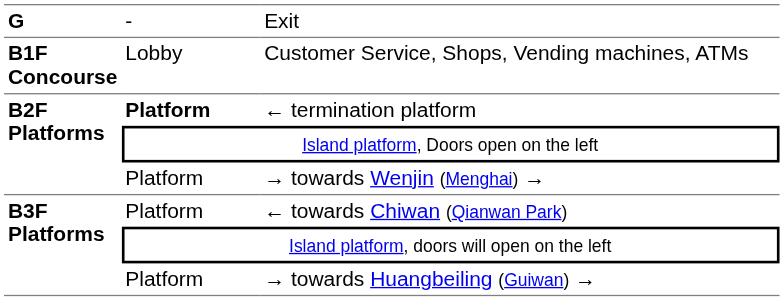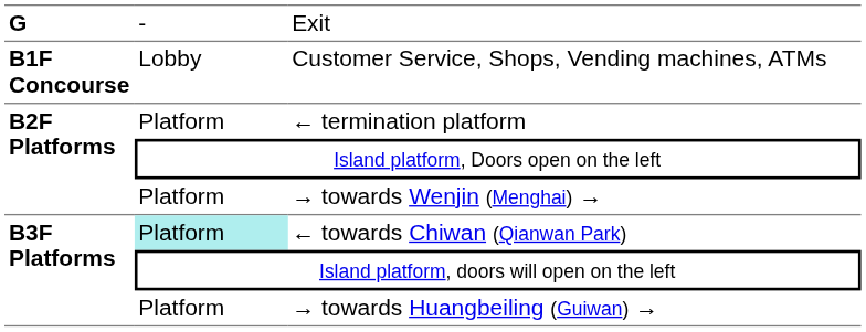 <table table border=0 cellspacing=0 cellpadding=3>
 <tr>
 <td style="border-top:solid 1px gray;" width=50 valign=top><strong>G</strong></td>
 <td style="border-top:solid 1px gray;" width=100 valign=top>-</td>
 <td style="border-top:solid 1px gray;" width=390 valign=top>Exit</td>
 </tr>
 <tr>
 <td style="border-bottom:solid 1px gray; border-top:solid 1px gray;" valign=top width=50><strong>B1F<br>Concourse</strong></td>
 <td style="border-bottom:solid 1px gray; border-top:solid 1px gray;" valign=top width=100>Lobby</td>
 <td style="border-bottom:solid 1px gray; border-top:solid 1px gray;" valign=top width=390>Customer Service, Shops, Vending machines, ATMs</td>
 </tr>
 <tr>
 <td style="border-bottom:solid 1px gray;" rowspan="3" valign=top><strong>B2F<br>Platforms</strong></td>
-<td><strong>Platform</strong></td>
+<td>Platform</td>
 <td>←  termination platform</td>
 </tr>
 <tr>
 <td style="border-right:solid 2px black;border-left:solid 2px black;border-top:solid 2px black;border-bottom:solid 2px black;text-align:center;" colspan=2><small><a href='#'>Island platform</a>, Doors open on the left</small></td>
 </tr>
 <tr>
 <td style="border-bottom:solid 1px gray;">Platform</td>
 <td style="border-bottom:solid 1px gray;"><span>→</span>  towards <a href='#'>Wenjin</a> <small>(<a href='#'>Menghai</a>)</small> →</td>
 </tr>
 <tr>
 <td style="border-bottom:solid 1px gray;" rowspan="3" valign=top><strong>B3F<br>Platforms</strong></td>
-<td>Platform</td>
+<td style="background: paleturquoise;">Platform</td>
 <td>←  towards <a href='#'>Chiwan</a> <small>(<a href='#'>Qianwan Park</a>)</small></td>
 </tr>
 <tr>
 <td style="border-right:solid 2px black;border-left:solid 2px black;border-top:solid 2px black;border-bottom:solid 2px black;text-align:center;" colspan=2><small><a href='#'>Island platform</a>, doors will open on the left</small></td>
 </tr>
 <tr>
 <td style="border-bottom:solid 1px gray;">Platform</td>
 <td style="border-bottom:solid 1px gray;"><span>→</span>  towards <a href='#'>Huangbeiling</a> <small>(<a href='#'>Guiwan</a>)</small> →</td>
 </tr>
 </table>
